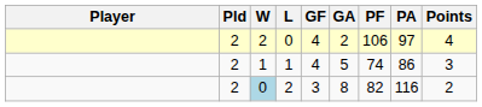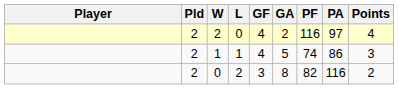 <table class=wikitable style="text-align:center;">
 <tr>
 <th width=220>Player</th>
 <th width=20>Pld</th>
 <th width=20>W</th>
 <th width=20>L</th>
 <th width=20>GF</th>
 <th width=20>GA</th>
 <th width=20>PF</th>
 <th width=20>PA</th>
 <th width=50>Points</th>
 </tr>
 <tr bgcolor=#ffffcc>
 <td style="text-align:left;"></td>
 <td>2</td>
 <td>2</td>
 <td>0</td>
 <td>4</td>
 <td>2</td>
-<td>106</td>
+<td>116</td>
 <td>97</td>
 <td>4</td>
 </tr>
 <tr>
 <td style="text-align:left;"></td>
 <td>2</td>
 <td>1</td>
 <td>1</td>
 <td>4</td>
 <td>5</td>
 <td>74</td>
 <td>86</td>
 <td>3</td>
 </tr>
 <tr>
 <td style="text-align:left;"></td>
 <td>2</td>
-<td style="background: lightblue;">0</td>
+<td>0</td>
 <td>2</td>
 <td>3</td>
 <td>8</td>
 <td>82</td>
 <td>116</td>
 <td>2</td>
 </tr>
 </table>
